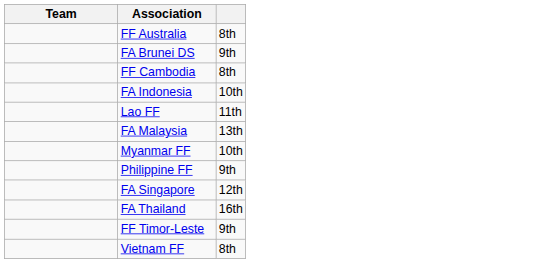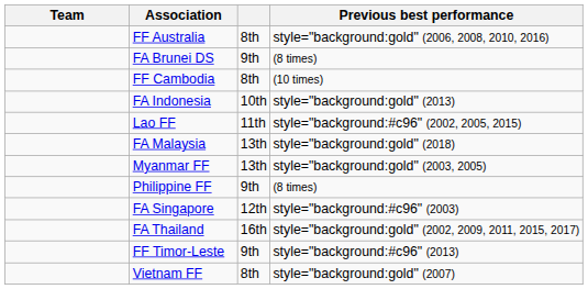 <table class="wikitable sortable">
 <tr>
 <th style="width:140px;">Team</th>
 <th style="width:120px;">Association</th>
 <th></th>
+<th>Previous best performance</th>
 </tr>
 <tr>
 <td></td>
 <td><a href='#'>FF Australia</a></td>
 <td>8th</td>
+<td>style="background:gold"  <small>(2006, 2008, 2010, 2016)</small></td>
 </tr>
 <tr>
 <td></td>
 <td><a href='#'>FA Brunei DS</a></td>
 <td>9th</td>
+<td> <small>(8 times)</small></td>
 </tr>
 <tr>
 <td></td>
 <td><a href='#'>FF Cambodia</a></td>
 <td>8th</td>
+<td> <small>(10 times)</small></td>
 </tr>
 <tr>
 <td></td>
 <td><a href='#'>FA Indonesia</a></td>
 <td>10th</td>
+<td>style="background:gold"  <small>(2013)</small></td>
 </tr>
 <tr>
 <td></td>
 <td><a href='#'>Lao FF</a></td>
 <td>11th</td>
+<td>style="background:#c96"  <small>(2002, 2005, 2015)</small></td>
 </tr>
 <tr>
 <td></td>
 <td><a href='#'>FA Malaysia</a></td>
 <td>13th</td>
+<td>style="background:gold"  <small>(2018)</small></td>
 </tr>
 <tr>
 <td></td>
 <td><a href='#'>Myanmar FF</a></td>
-<td>10th</td>
+<td>13th</td>
+<td>style="background:gold"  <small>(2003, 2005)</small></td>
 </tr>
 <tr>
 <td></td>
 <td><a href='#'>Philippine FF</a></td>
 <td>9th</td>
+<td> <small>(8 times)</small></td>
 </tr>
 <tr>
 <td></td>
 <td><a href='#'>FA Singapore</a></td>
 <td>12th</td>
+<td>style="background:#c96"  <small>(2003)</small></td>
 </tr>
 <tr>
 <td></td>
 <td><a href='#'>FA Thailand</a></td>
 <td>16th</td>
+<td>style="background:gold"  <small>(2002, 2009, 2011, 2015, 2017)</small></td>
 </tr>
 <tr>
 <td></td>
 <td><a href='#'>FF Timor-Leste</a></td>
 <td>9th</td>
+<td>style="background:#c96"  <small>(2013)</small></td>
 </tr>
 <tr>
 <td></td>
 <td><a href='#'>Vietnam FF</a></td>
 <td>8th</td>
+<td>style="background:gold"  <small>(2007)</small></td>
 </tr>
 </table>
